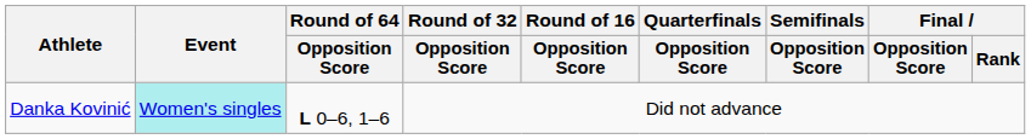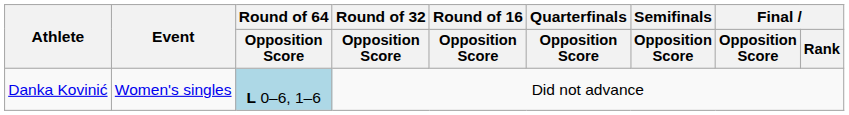 <table class=wikitable style="text-align:center; font-size:90%">
 <tr>
 <th rowspan="2">Athlete</th>
 <th rowspan="2">Event</th>
 <th>Round of 64</th>
 <th>Round of 32</th>
 <th>Round of 16</th>
 <th>Quarterfinals</th>
 <th>Semifinals</th>
 <th colspan=2>Final / </th>
 </tr>
 <tr style="font-size:95%">
 <th>Opposition<br>Score</th>
 <th>Opposition<br>Score</th>
 <th>Opposition<br>Score</th>
 <th>Opposition<br>Score</th>
 <th>Opposition<br>Score</th>
 <th>Opposition<br>Score</th>
 <th>Rank</th>
 </tr>
 <tr>
 <td align=left><a href='#'>Danka Kovinić</a></td>
-<td align=left style="background: paleturquoise;"><a href='#'>Women's singles</a></td>
-<td><br><strong>L</strong> 0–6, 1–6</td>
+<td align=left><a href='#'>Women's singles</a></td>
+<td style="background: lightblue;"><br><strong>L</strong> 0–6, 1–6</td>
 <td colspan=6>Did not advance</td>
 </tr>
 </table>
